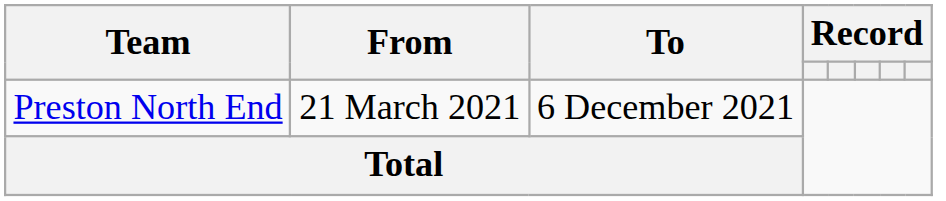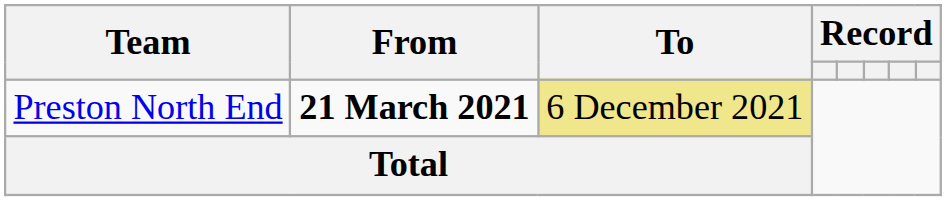 <table class="wikitable" style="text-align:center">
 <tr>
 <th rowspan="2">Team</th>
 <th rowspan="2">From</th>
 <th rowspan="2">To</th>
 <th colspan="5">Record</th>
 </tr>
 <tr>
 <th></th>
 <th></th>
 <th></th>
 <th></th>
 <th></th>
 </tr>
 <tr>
 <td align=left><a href='#'>Preston North End</a></td>
-<td align=left>21 March 2021</td>
-<td align=left>6 December 2021<br></td>
+<td align=left><strong>21 March 2021</strong></td>
+<td align=left style="background: khaki;">6 December 2021<br></td>
 </tr>
 <tr>
 <th colspan="3">Total<br></th>
 </tr>
 </table>
